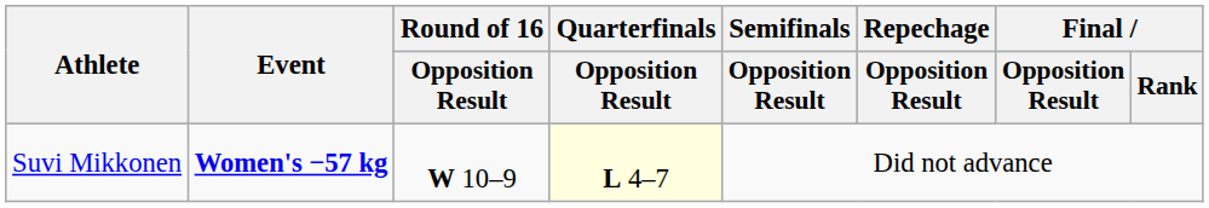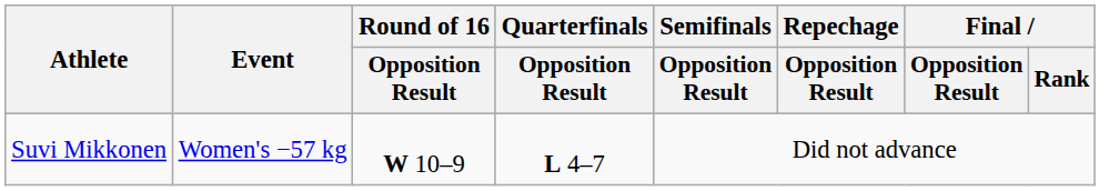 <table class="wikitable" style="font-size:90%;">
 <tr>
 <th rowspan=2>Athlete</th>
 <th rowspan=2>Event</th>
 <th>Round of 16</th>
 <th>Quarterfinals</th>
 <th>Semifinals</th>
 <th>Repechage</th>
 <th colspan=2>Final / </th>
 </tr>
 <tr style="font-size:95%">
 <th>Opposition<br>Result</th>
 <th>Opposition<br>Result</th>
 <th>Opposition<br>Result</th>
 <th>Opposition<br>Result</th>
 <th>Opposition<br>Result</th>
 <th>Rank</th>
 </tr>
 <tr align=center>
 <td align=left><a href='#'>Suvi Mikkonen</a></td>
-<td align=left><strong><a href='#'>Women's −57 kg</a></strong></td>
+<td align=left><a href='#'>Women's −57 kg</a></td>
 <td><br><strong>W</strong> 10–9</td>
-<td style="background: lightyellow;"><br><strong>L</strong> 4–7</td>
+<td><br><strong>L</strong> 4–7</td>
 <td colspan=4>Did not advance</td>
 </tr>
 </table>
